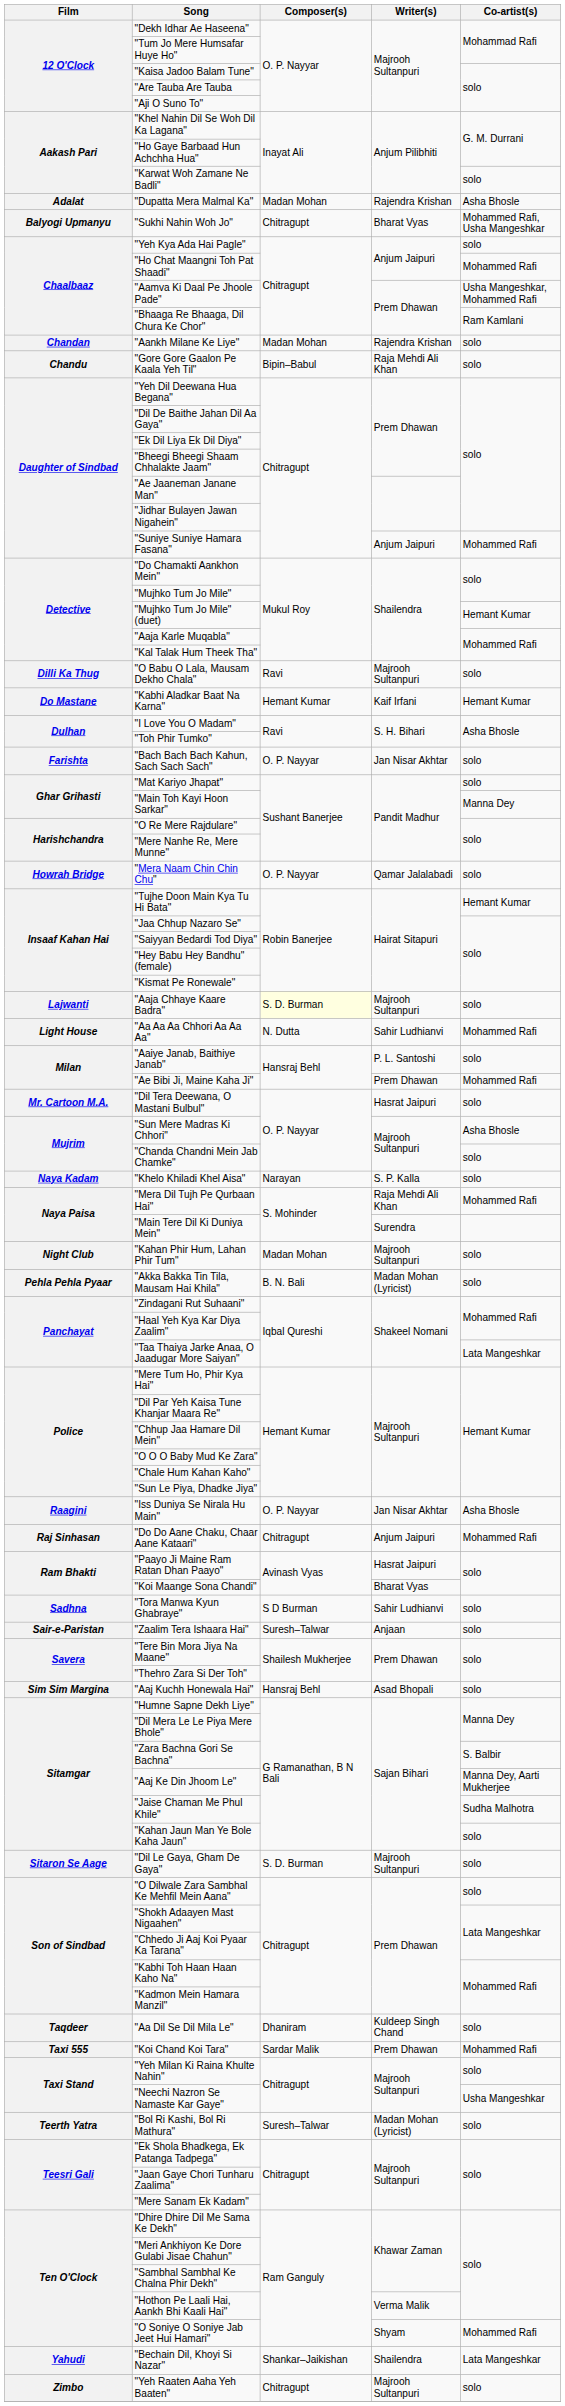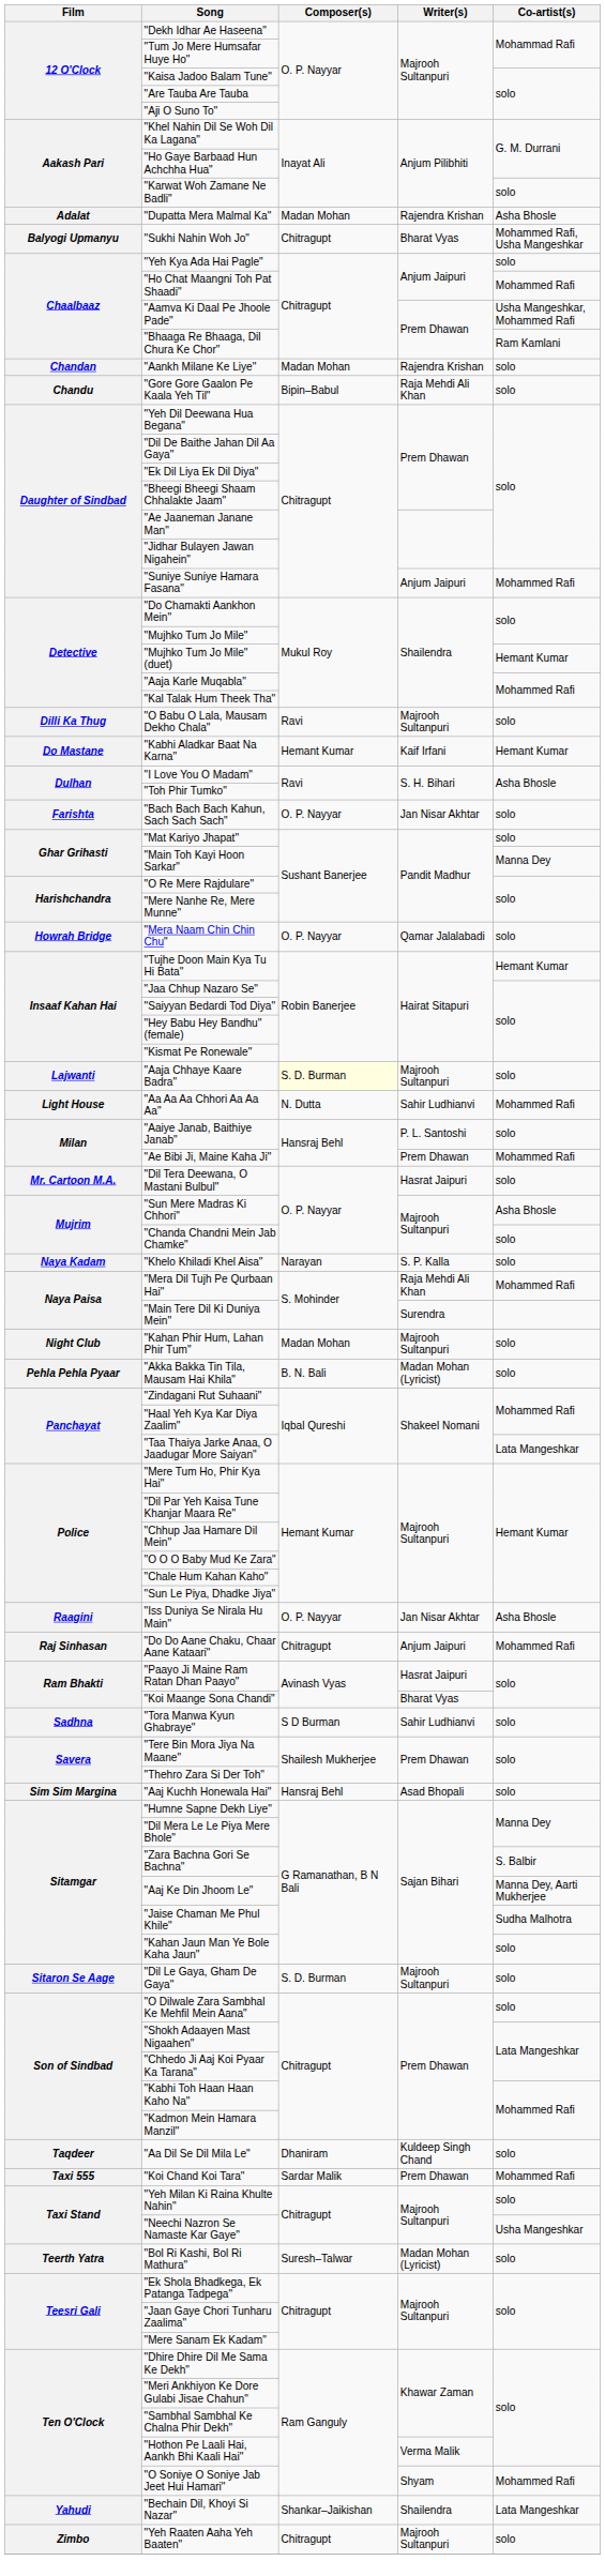 <table class="wikitable plainrowheaders" width="100%" textcolor:#000;">
 <tr style="background:#b0e0e66;">
 <th scope="col" width=23%><strong>Film</strong></th>
 <th scope="col" width=23%><strong>Song</strong></th>
 <th scope="col" width=20%><strong>Composer(s)</strong></th>
 <th scope="col" width=16%><strong>Writer(s)</strong></th>
 <th scope="col" width=18%><strong>Co-artist(s)</strong></th>
 </tr>
 <tr>
 <th rowspan=5><em><a href='#'>12 O'Clock</a></em></th>
 <td>"Dekh Idhar Ae Haseena"</td>
 <td rowspan=5>O. P. Nayyar</td>
 <td rowspan=5>Majrooh Sultanpuri</td>
 <td rowspan=2>Mohammad Rafi</td>
 </tr>
 <tr>
 <td>"Tum Jo Mere Humsafar Huye Ho"</td>
 </tr>
 <tr>
 <td>"Kaisa Jadoo Balam Tune"</td>
 <td rowspan=3>solo</td>
 </tr>
 <tr>
 <td>"Are Tauba Are Tauba</td>
 </tr>
 <tr>
 <td>"Aji O Suno To"</td>
 </tr>
 <tr>
 <th Rowspan=3><em>Aakash Pari</em></th>
 <td>"Khel Nahin Dil Se Woh Dil Ka Lagana"</td>
 <td rowspan=3>Inayat Ali</td>
 <td rowspan=3>Anjum Pilibhiti</td>
 <td rowspan=2>G. M. Durrani</td>
 </tr>
 <tr>
 <td>"Ho Gaye Barbaad Hun Achchha Hua"</td>
 </tr>
 <tr>
 <td>"Karwat Woh Zamane Ne Badli"</td>
 <td>solo</td>
 </tr>
 <tr>
 <th><em>Adalat</em></th>
 <td>"Dupatta Mera Malmal Ka"</td>
 <td>Madan Mohan</td>
 <td>Rajendra Krishan</td>
 <td>Asha Bhosle</td>
 </tr>
 <tr>
 <th><em>Balyogi Upmanyu</em></th>
 <td>"Sukhi Nahin Woh Jo"</td>
 <td>Chitragupt</td>
 <td>Bharat Vyas</td>
 <td>Mohammed Rafi, Usha Mangeshkar</td>
 </tr>
 <tr>
 <th Rowspan=4><em><a href='#'>Chaalbaaz</a></em></th>
 <td>"Yeh Kya Ada Hai Pagle"</td>
 <td rowspan=4>Chitragupt</td>
 <td rowspan=2>Anjum Jaipuri</td>
 <td>solo</td>
 </tr>
 <tr>
 <td>"Ho Chat Maangni Toh Pat Shaadi"</td>
 <td>Mohammed Rafi</td>
 </tr>
 <tr>
 <td>"Aamva Ki Daal Pe Jhoole Pade"</td>
 <td rowspan=2>Prem Dhawan</td>
 <td>Usha Mangeshkar, Mohammed Rafi</td>
 </tr>
 <tr>
 <td>"Bhaaga Re Bhaaga, Dil Chura Ke Chor"</td>
 <td>Ram Kamlani</td>
 </tr>
 <tr>
 <th><em><a href='#'>Chandan</a></em></th>
 <td>"Aankh Milane Ke Liye"</td>
 <td>Madan Mohan</td>
 <td>Rajendra Krishan</td>
 <td>solo</td>
 </tr>
 <tr>
 <th><em>Chandu</em></th>
 <td>"Gore Gore Gaalon Pe Kaala Yeh Til"</td>
 <td>Bipin–Babul</td>
 <td>Raja Mehdi Ali Khan</td>
 <td>solo</td>
 </tr>
 <tr>
 <th Rowspan=7><em><a href='#'>Daughter of Sindbad</a></em></th>
 <td>"Yeh Dil Deewana Hua Begana"</td>
 <td rowspan=7>Chitragupt</td>
 <td rowspan=4>Prem Dhawan</td>
 <td rowspan=6>solo</td>
 </tr>
 <tr>
 <td>"Dil De Baithe Jahan Dil Aa Gaya"</td>
 </tr>
 <tr>
 <td>"Ek Dil Liya Ek Dil Diya"</td>
 </tr>
 <tr>
 <td>"Bheegi Bheegi Shaam Chhalakte Jaam"</td>
 </tr>
 <tr>
 <td>"Ae Jaaneman Janane Man"</td>
 </tr>
 <tr>
 <td>"Jidhar Bulayen Jawan Nigahein"</td>
 </tr>
 <tr>
 <td>"Suniye Suniye Hamara Fasana"</td>
 <td>Anjum Jaipuri</td>
 <td>Mohammed Rafi</td>
 </tr>
 <tr>
 <th rowspan=5><em><a href='#'>Detective</a></em></th>
 <td>"Do Chamakti Aankhon Mein"</td>
 <td rowspan=5>Mukul Roy</td>
 <td rowspan=5>Shailendra</td>
 <td rowspan=2>solo</td>
 </tr>
 <tr>
 <td>"Mujhko Tum Jo Mile"</td>
 </tr>
 <tr>
 <td>"Mujhko Tum Jo Mile" (duet)</td>
 <td>Hemant Kumar</td>
 </tr>
 <tr>
 <td>"Aaja Karle Muqabla"</td>
 <td rowspan=2>Mohammed Rafi</td>
 </tr>
 <tr>
 <td>"Kal Talak Hum Theek Tha"</td>
 </tr>
 <tr>
 <th><em><a href='#'>Dilli Ka Thug</a></em></th>
 <td>"O Babu O Lala, Mausam Dekho Chala"</td>
 <td>Ravi</td>
 <td>Majrooh Sultanpuri</td>
 <td>solo</td>
 </tr>
 <tr>
 <th><em><a href='#'>Do Mastane</a></em></th>
 <td>"Kabhi Aladkar Baat Na Karna"</td>
 <td>Hemant Kumar</td>
 <td>Kaif Irfani</td>
 <td>Hemant Kumar</td>
 </tr>
 <tr>
 <th Rowspan=2><em><a href='#'>Dulhan</a></em></th>
 <td>"I Love You O Madam"</td>
 <td rowspan=2>Ravi</td>
 <td rowspan=2>S. H. Bihari</td>
 <td rowspan=2>Asha Bhosle</td>
 </tr>
 <tr>
 <td>"Toh Phir Tumko"</td>
 </tr>
 <tr>
 <th><em><a href='#'>Farishta</a></em></th>
 <td>"Bach Bach Bach Kahun, Sach Sach Sach"</td>
 <td>O. P. Nayyar</td>
 <td>Jan Nisar Akhtar</td>
 <td>solo</td>
 </tr>
 <tr>
 <th Rowspan=2><em>Ghar Grihasti</em></th>
 <td>"Mat Kariyo Jhapat"</td>
 <td rowspan=4>Sushant Banerjee</td>
 <td rowspan=4>Pandit Madhur</td>
 <td>solo</td>
 </tr>
 <tr>
 <td>"Main Toh Kayi Hoon Sarkar"</td>
 <td>Manna Dey</td>
 </tr>
 <tr>
 <th Rowspan=2><em>Harishchandra</em></th>
 <td>"O Re Mere Rajdulare"</td>
 <td rowspan=2>solo</td>
 </tr>
 <tr>
 <td>"Mere Nanhe Re, Mere Munne"</td>
 </tr>
 <tr>
 <th><em><a href='#'>Howrah Bridge</a></em></th>
 <td>"<a href='#'>Mera Naam Chin Chin Chu</a>"</td>
 <td>O. P. Nayyar</td>
 <td>Qamar Jalalabadi</td>
 <td>solo</td>
 </tr>
 <tr>
 <th Rowspan=5><em>Insaaf Kahan Hai</em></th>
 <td>"Tujhe Doon Main Kya Tu Hi Bata"</td>
 <td rowspan=5>Robin Banerjee</td>
 <td rowspan=5>Hairat Sitapuri</td>
 <td>Hemant Kumar</td>
 </tr>
 <tr>
 <td>"Jaa Chhup Nazaro Se"</td>
 <td rowspan=4>solo</td>
 </tr>
 <tr>
 <td>"Saiyyan Bedardi Tod Diya"</td>
 </tr>
 <tr>
 <td>"Hey Babu Hey Bandhu" (female)</td>
 </tr>
 <tr>
 <td>"Kismat Pe Ronewale"</td>
 </tr>
 <tr>
 <th><em><a href='#'>Lajwanti</a></em></th>
 <td>"Aaja Chhaye Kaare Badra"</td>
 <td style="background: lightyellow;">S. D. Burman</td>
 <td>Majrooh Sultanpuri</td>
 <td>solo</td>
 </tr>
 <tr>
 <th><em>Light House</em></th>
 <td>"Aa Aa Aa Chhori Aa Aa Aa"</td>
 <td>N. Dutta</td>
 <td>Sahir Ludhianvi</td>
 <td>Mohammed Rafi</td>
 </tr>
 <tr>
 <th Rowspan=2><em>Milan</em></th>
 <td>"Aaiye Janab, Baithiye Janab"</td>
 <td rowspan=2>Hansraj Behl</td>
 <td>P. L. Santoshi</td>
 <td>solo</td>
 </tr>
 <tr>
 <td>"Ae Bibi Ji, Maine Kaha Ji"</td>
 <td>Prem Dhawan</td>
 <td>Mohammed Rafi</td>
 </tr>
 <tr>
 <th><em><a href='#'>Mr. Cartoon M.A.</a></em></th>
 <td>"Dil Tera Deewana, O Mastani Bulbul"</td>
 <td rowspan=3>O. P. Nayyar</td>
 <td>Hasrat Jaipuri</td>
 <td>solo</td>
 </tr>
 <tr>
 <th Rowspan=2><em><a href='#'>Mujrim</a></em></th>
 <td>"Sun Mere Madras Ki Chhori"</td>
 <td rowspan=2>Majrooh Sultanpuri</td>
 <td>Asha Bhosle</td>
 </tr>
 <tr>
 <td>"Chanda Chandni Mein Jab Chamke"</td>
 <td>solo</td>
 </tr>
 <tr>
 <th><em><a href='#'>Naya Kadam</a></em></th>
 <td>"Khelo Khiladi Khel Aisa"</td>
 <td>Narayan</td>
 <td>S. P. Kalla</td>
 <td>solo</td>
 </tr>
 <tr>
 <th Rowspan=2><em>Naya Paisa</em></th>
 <td>"Mera Dil Tujh Pe Qurbaan Hai"</td>
 <td rowspan=2>S. Mohinder</td>
 <td rowwpan=2>Raja Mehdi Ali Khan</td>
 <td>Mohammed Rafi</td>
 </tr>
 <tr>
 <td>"Main Tere Dil Ki Duniya Mein"</td>
 <td>Surendra</td>
 </tr>
 <tr>
 <th><em>Night Club</em></th>
 <td>"Kahan Phir Hum, Lahan Phir Tum"</td>
 <td>Madan Mohan</td>
 <td>Majrooh Sultanpuri</td>
 <td>solo</td>
 </tr>
 <tr>
 <th><em>Pehla Pehla Pyaar</em></th>
 <td>"Akka Bakka Tin Tila, Mausam Hai Khila"</td>
 <td>B. N. Bali</td>
 <td>Madan Mohan (Lyricist)</td>
 <td>solo</td>
 </tr>
 <tr>
 <th Rowspan=3><em><a href='#'>Panchayat</a></em></th>
 <td>"Zindagani Rut Suhaani"</td>
 <td Rowspan=3>Iqbal Qureshi</td>
 <td Rowspan=3>Shakeel Nomani</td>
 <td Rowspan=2>Mohammed Rafi</td>
 </tr>
 <tr>
 <td>"Haal Yeh Kya Kar Diya Zaalim"</td>
 </tr>
 <tr>
 <td>"Taa Thaiya Jarke Anaa, O Jaadugar More Saiyan"</td>
 <td>Lata Mangeshkar</td>
 </tr>
 <tr>
 <th Rowspan=6><em>Police</em></th>
 <td>"Mere Tum Ho, Phir Kya Hai"</td>
 <td rowspan=6>Hemant Kumar</td>
 <td rowspan=6>Majrooh Sultanpuri</td>
 <td Rowspan=6>Hemant Kumar</td>
 </tr>
 <tr>
 <td>"Dil Par Yeh Kaisa Tune Khanjar Maara Re"</td>
 </tr>
 <tr>
 <td>"Chhup Jaa Hamare Dil Mein"</td>
 </tr>
 <tr>
 <td>"O O O Baby Mud Ke Zara"</td>
 </tr>
 <tr>
 <td>"Chale Hum Kahan Kaho"</td>
 </tr>
 <tr>
 <td>"Sun Le Piya, Dhadke Jiya"</td>
 </tr>
 <tr>
 <th><em><a href='#'>Raagini</a></em></th>
 <td>"Iss Duniya Se Nirala Hu Main"</td>
 <td>O. P. Nayyar</td>
 <td>Jan Nisar Akhtar</td>
 <td>Asha Bhosle</td>
 </tr>
 <tr>
 <th><em>Raj Sinhasan</em></th>
 <td>"Do Do Aane Chaku, Chaar Aane Kataari"</td>
 <td>Chitragupt</td>
 <td>Anjum Jaipuri</td>
 <td>Mohammed Rafi</td>
 </tr>
 <tr>
 <th rowspan=2><em>Ram Bhakti</em></th>
 <td>"Paayo Ji Maine Ram Ratan Dhan Paayo"</td>
 <td rowspan=2>Avinash Vyas</td>
 <td>Hasrat Jaipuri</td>
 <td rowspan=2>solo</td>
 </tr>
 <tr>
 <td>"Koi Maange Sona Chandi"</td>
 <td>Bharat Vyas</td>
 </tr>
 <tr>
 <th><em><a href='#'>Sadhna</a></em></th>
 <td>"Tora Manwa Kyun Ghabraye"</td>
 <td>S D Burman</td>
 <td>Sahir Ludhianvi</td>
 <td>solo</td>
 </tr>
 <tr>
-<th><em>Sair-e-Paristan</em></th>
-<td>"Zaalim Tera Ishaara Hai"</td>
-<td Rowspan=1>Suresh–Talwar</td>
-<td>Anjaan</td>
-<td>solo</td>
-</tr>
-<tr>
 <th Rowspan=2><em><a href='#'>Savera</a></em></th>
 <td>"Tere Bin Mora Jiya Na Maane"</td>
 <td rowspan=2>Shailesh Mukherjee</td>
 <td Rowspan=2>Prem Dhawan</td>
 <td Rowspan=2>solo</td>
 </tr>
 <tr>
 <td>"Thehro Zara Si Der Toh"</td>
 </tr>
 <tr>
 <th><em>Sim Sim Margina</em></th>
 <td>"Aaj Kuchh Honewala Hai"</td>
 <td rowspan=1>Hansraj Behl</td>
 <td>Asad Bhopali</td>
 <td>solo</td>
 </tr>
 <tr>
 <th Rowspan=6><em>Sitamgar</em></th>
 <td>"Humne Sapne Dekh Liye"</td>
 <td rowspan=6>G Ramanathan, B N Bali</td>
 <td rowspan=6>Sajan Bihari</td>
 <td rowspan=2>Manna Dey</td>
 </tr>
 <tr>
 <td>"Dil Mera Le Le Piya Mere Bhole"</td>
 </tr>
 <tr>
 <td>"Zara Bachna Gori Se Bachna"</td>
 <td>S. Balbir</td>
 </tr>
 <tr>
 <td>"Aaj Ke Din Jhoom Le"</td>
 <td>Manna Dey, Aarti Mukherjee</td>
 </tr>
 <tr>
 <td>"Jaise Chaman Me Phul Khile"</td>
 <td>Sudha Malhotra</td>
 </tr>
 <tr>
 <td>"Kahan Jaun Man Ye Bole Kaha Jaun"</td>
 <td>solo</td>
 </tr>
 <tr>
 <th><em><a href='#'>Sitaron Se Aage</a></em></th>
 <td>"Dil Le Gaya, Gham De Gaya"</td>
 <td>S. D. Burman</td>
 <td>Majrooh Sultanpuri</td>
 <td>solo</td>
 </tr>
 <tr>
 <th Rowspan=5><em>Son of Sindbad</em></th>
 <td>"O Dilwale Zara Sambhal Ke Mehfil Mein Aana"</td>
 <td rowspan=5>Chitragupt</td>
 <td rowspan=5>Prem Dhawan</td>
 <td>solo</td>
 </tr>
 <tr>
 <td>"Shokh Adaayen Mast Nigaahen"</td>
 <td rowspan=2>Lata Mangeshkar</td>
 </tr>
 <tr>
 <td>"Chhedo Ji Aaj Koi Pyaar Ka Tarana"</td>
 </tr>
 <tr>
 <td>"Kabhi Toh Haan Haan Kaho Na"</td>
 <td rowspan=2>Mohammed Rafi</td>
 </tr>
 <tr>
 <td>"Kadmon Mein Hamara Manzil"</td>
 </tr>
 <tr>
 <th><em>Taqdeer</em></th>
 <td>"Aa Dil Se Dil Mila Le"</td>
 <td>Dhaniram</td>
 <td>Kuldeep Singh Chand</td>
 <td>solo</td>
 </tr>
 <tr>
 <th><em>Taxi 555</em></th>
 <td>"Koi Chand Koi Tara"</td>
 <td>Sardar Malik</td>
 <td>Prem Dhawan</td>
 <td>Mohammed Rafi</td>
 </tr>
 <tr>
 <th Rowspan=2><em>Taxi Stand</em></th>
 <td>"Yeh Milan Ki Raina Khulte Nahin"</td>
 <td rowspan=2>Chitragupt</td>
 <td rowspan=2>Majrooh Sultanpuri</td>
 <td>solo</td>
 </tr>
 <tr>
 <td>"Neechi Nazron Se Namaste Kar Gaye"</td>
 <td>Usha Mangeshkar</td>
 </tr>
 <tr>
 <th><em>Teerth Yatra</em></th>
 <td>"Bol Ri Kashi, Bol Ri Mathura"</td>
 <td Rowspan=1>Suresh–Talwar</td>
 <td>Madan Mohan (Lyricist)</td>
 <td>solo</td>
 </tr>
 <tr>
 <th Rowspan=3><em><a href='#'>Teesri Gali</a></em></th>
 <td>"Ek Shola Bhadkega, Ek Patanga Tadpega"</td>
 <td rowspan=3>Chitragupt</td>
 <td rowspan=3>Majrooh Sultanpuri</td>
 <td rowspan=3>solo</td>
 </tr>
 <tr>
 <td>"Jaan Gaye Chori Tunharu Zaalima"</td>
 </tr>
 <tr>
 <td>"Mere Sanam Ek Kadam"</td>
 </tr>
 <tr>
 <th Rowspan=5><em>Ten O'Clock</em></th>
 <td>"Dhire Dhire Dil Me Sama Ke Dekh"</td>
 <td rowspan=5>Ram Ganguly</td>
 <td rowspan=3>Khawar Zaman</td>
 <td rowspan=4>solo</td>
 </tr>
 <tr>
 <td>"Meri Ankhiyon Ke Dore Gulabi Jisae Chahun"</td>
 </tr>
 <tr>
 <td>"Sambhal Sambhal Ke Chalna Phir Dekh"</td>
 </tr>
 <tr>
 <td>"Hothon Pe Laali Hai, Aankh Bhi Kaali Hai"</td>
 <td>Verma Malik</td>
 </tr>
 <tr>
 <td>"O Soniye O Soniye Jab Jeet Hui Hamari"</td>
 <td>Shyam</td>
 <td>Mohammed Rafi</td>
 </tr>
 <tr>
 <th><em><a href='#'>Yahudi</a></em></th>
 <td>"Bechain Dil, Khoyi Si Nazar"</td>
 <td>Shankar–Jaikishan</td>
 <td>Shailendra</td>
 <td>Lata Mangeshkar</td>
 </tr>
 <tr>
 <th><em>Zimbo</em></th>
 <td>"Yeh Raaten Aaha Yeh Baaten"</td>
 <td>Chitragupt</td>
 <td>Majrooh Sultanpuri</td>
 <td>solo</td>
 </tr>
 <tr>
 </tr>
 </table>
